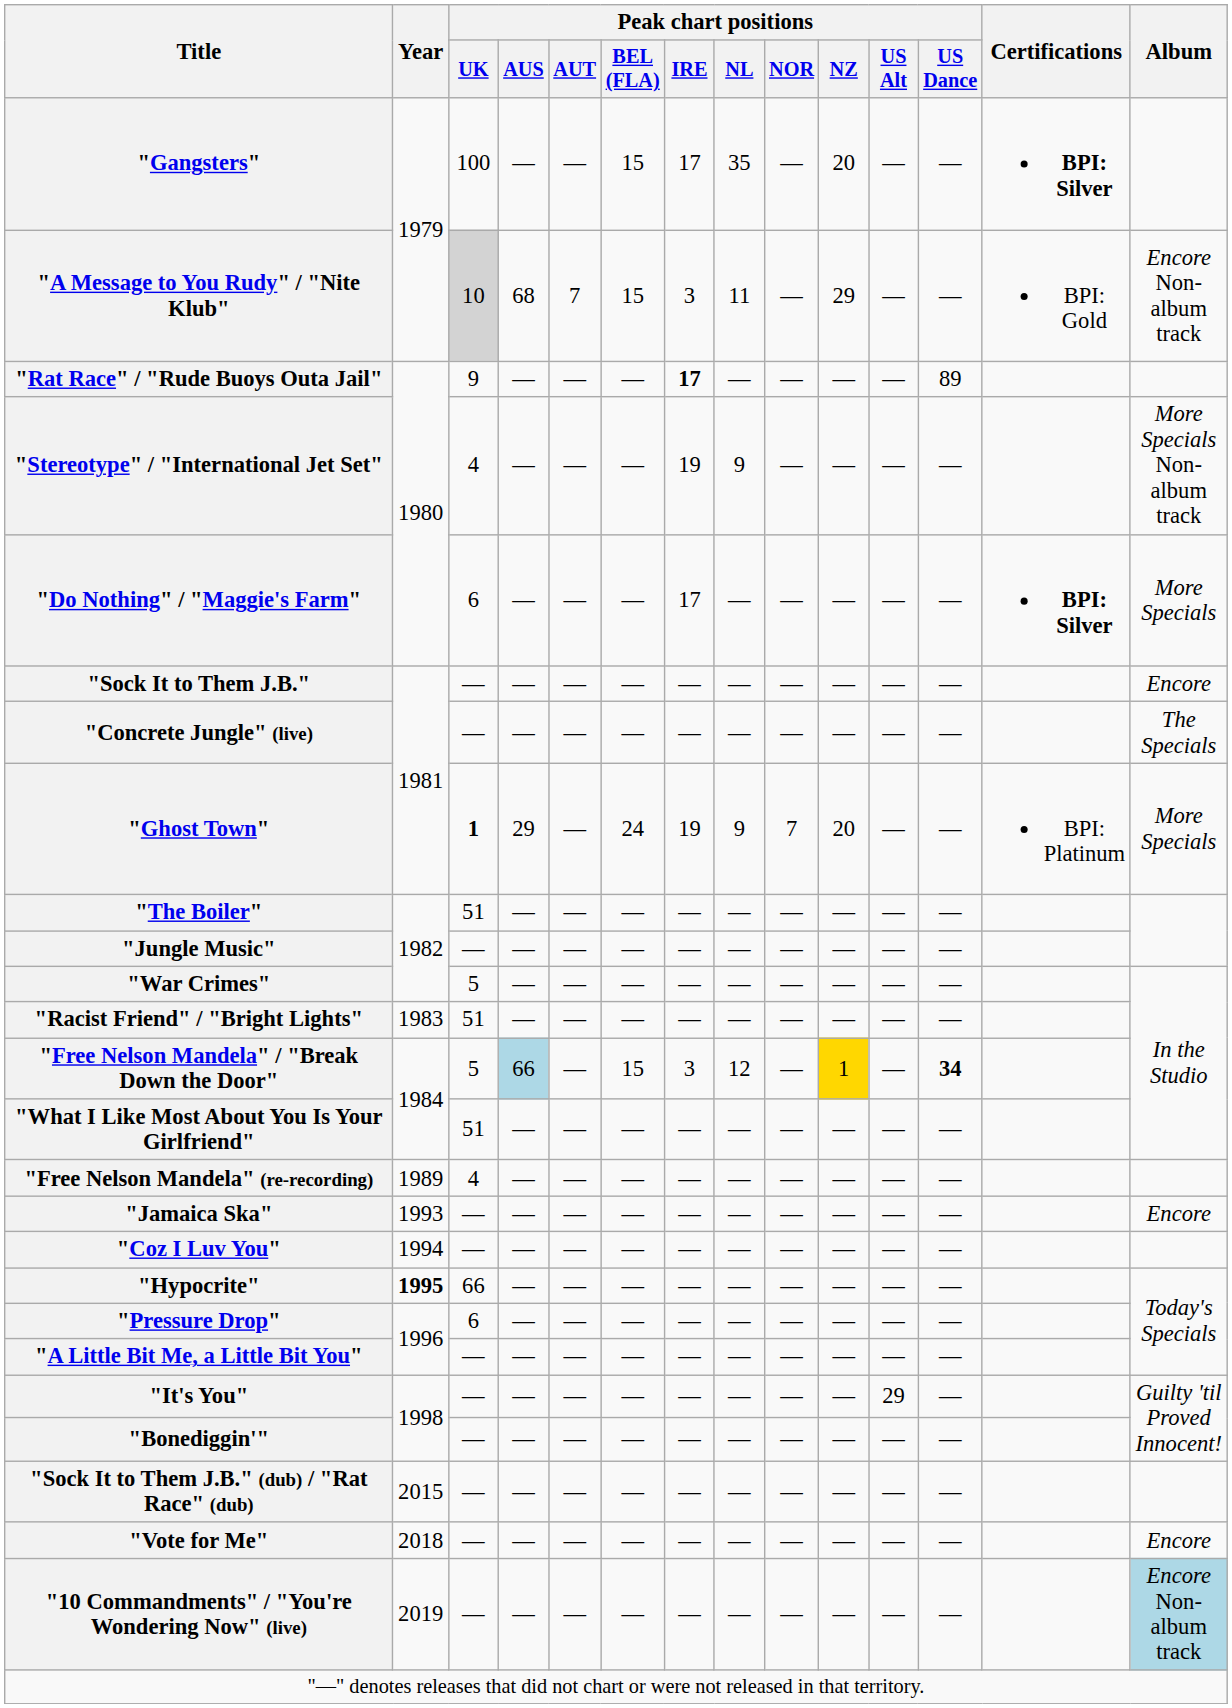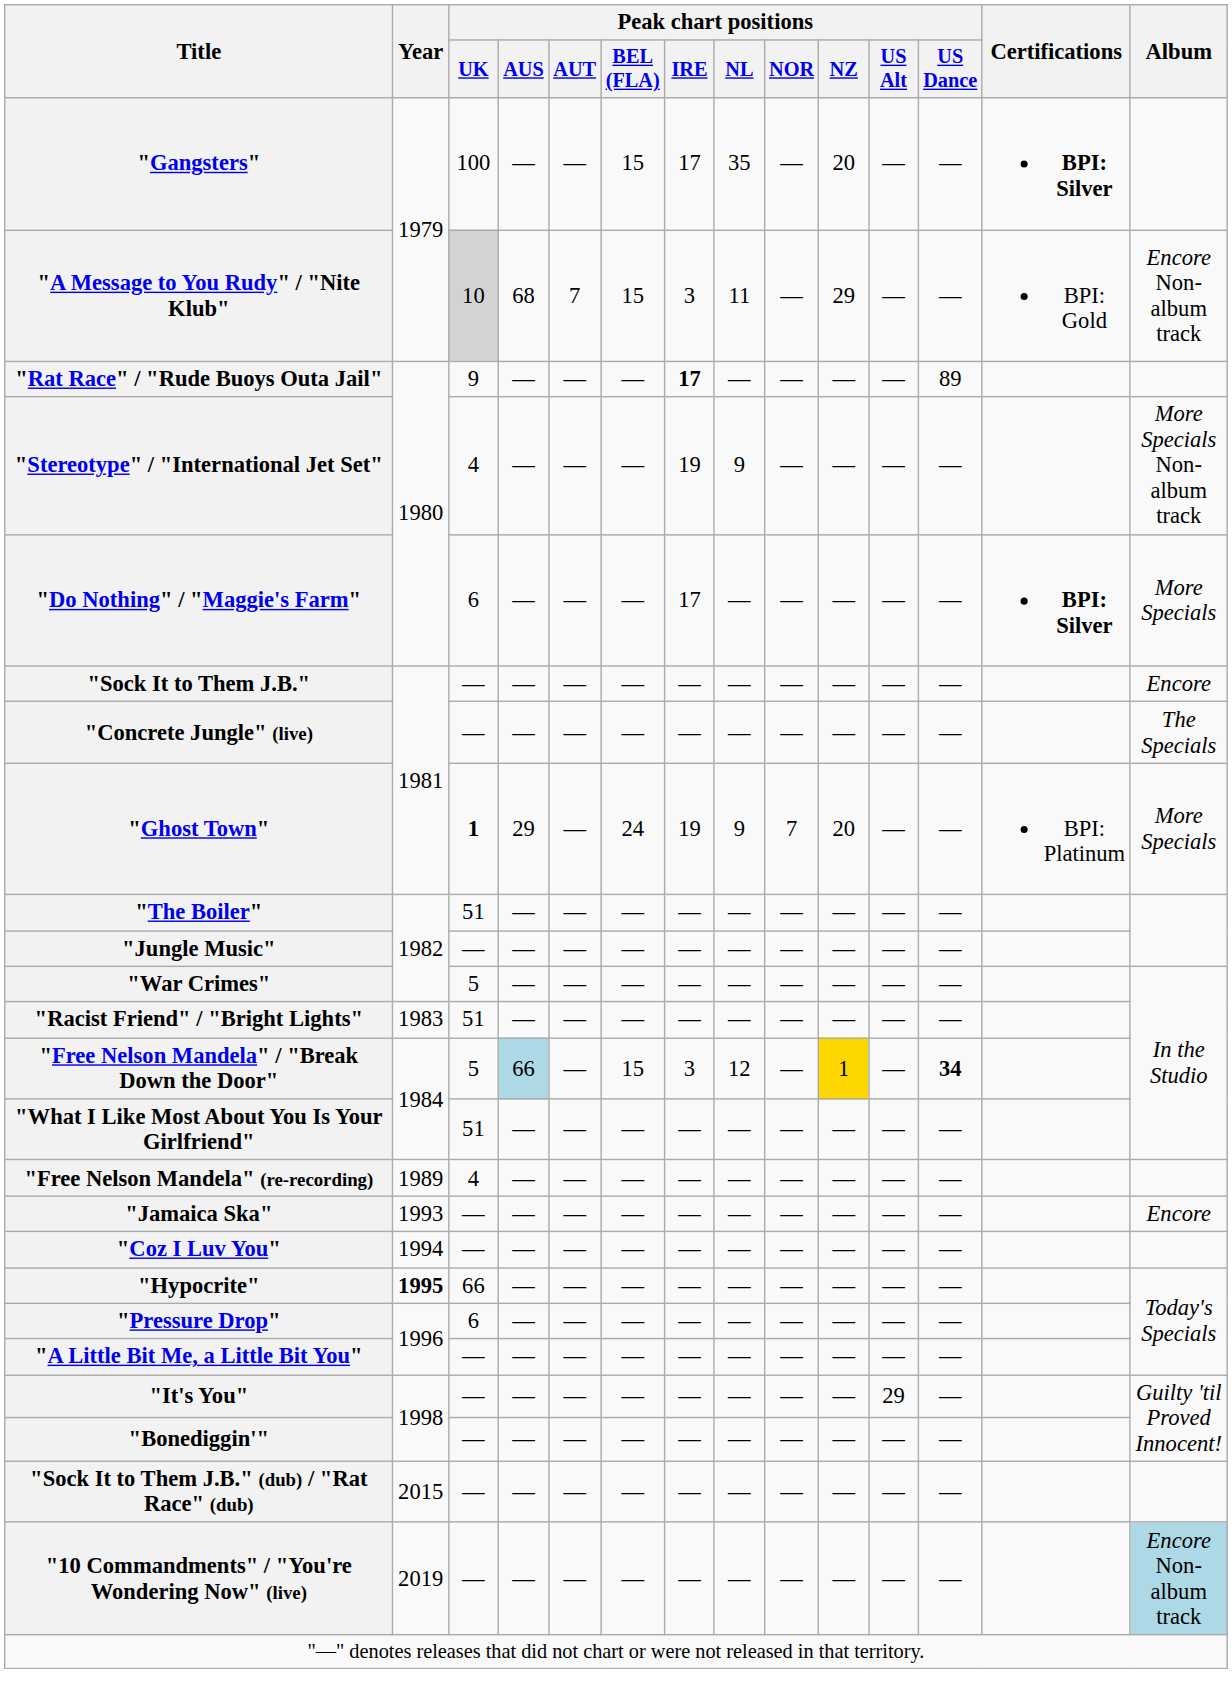 <table class="wikitable plainrowheaders" style="text-align:center;">
 <tr>
 <th rowspan="2" scope="col" style="width:17em;">Title</th>
 <th rowspan="2" scope="col" style="width:2em;">Year</th>
 <th colspan="10">Peak chart positions</th>
 <th rowspan="2">Certifications</th>
 <th rowspan="2">Album</th>
 </tr>
 <tr>
 <th scope="col" style="width:2em;font-size:90%;"><a href='#'>UK</a><br></th>
 <th scope="col" style="width:2em;font-size:90%;"><a href='#'>AUS</a><br></th>
 <th scope="col" style="width:2em;font-size:90%;"><a href='#'>AUT</a><br></th>
 <th scope="col" style="width:2em;font-size:90%;"><a href='#'>BEL (FLA)</a><br></th>
 <th scope="col" style="width:2em;font-size:90%;"><a href='#'>IRE</a><br></th>
 <th scope="col" style="width:2em;font-size:90%;"><a href='#'>NL</a><br></th>
 <th scope="col" style="width:2em;font-size:90%;"><a href='#'>NOR</a><br></th>
 <th scope="col" style="width:2em;font-size:90%;"><a href='#'>NZ</a><br></th>
 <th scope="col" style="width:2em;font-size:90%;"><a href='#'>US Alt</a><br></th>
 <th scope="col" style="width:2em;font-size:90%;"><a href='#'>US Dance</a><br></th>
 </tr>
 <tr>
 <th scope="row">"<a href='#'>Gangsters</a>" </th>
 <td rowspan="2">1979</td>
 <td>100</td>
 <td>—</td>
 <td>—</td>
 <td>15</td>
 <td>17</td>
 <td>35</td>
 <td>—</td>
 <td>20</td>
 <td>—</td>
 <td>—</td>
 <td><strong><br><ul><li>BPI: Silver</li></ul></strong></td>
 <td></td>
 </tr>
 <tr>
 <th scope="row">"<a href='#'>A Message to You Rudy</a>" / "Nite Klub" </th>
 <td style="background: lightgrey;">10</td>
 <td>68</td>
 <td>7</td>
 <td>15</td>
 <td>3</td>
 <td>11</td>
 <td>—</td>
 <td>29</td>
 <td>—</td>
 <td>—</td>
 <td><br><ul><li>BPI: Gold</li></ul></td>
 <td><em>Encore</em><br>Non-album track</td>
 </tr>
 <tr>
 <th scope="row">"<a href='#'>Rat Race</a>" / "Rude Buoys Outa Jail"</th>
 <td rowspan="3">1980</td>
 <td>9</td>
 <td>—</td>
 <td>—</td>
 <td>—</td>
 <td><strong>17</strong></td>
 <td>—</td>
 <td>—</td>
 <td>—</td>
 <td>—</td>
 <td>89</td>
 <td></td>
 <td></td>
 </tr>
 <tr>
 <th scope="row">"<a href='#'>Stereotype</a>" / "International Jet Set"</th>
 <td>4</td>
 <td>—</td>
 <td>—</td>
 <td>—</td>
 <td>19</td>
 <td>9</td>
 <td>—</td>
 <td>—</td>
 <td>—</td>
 <td>—</td>
 <td></td>
 <td><em>More Specials</em><br>Non-album track</td>
 </tr>
 <tr>
 <th scope="row">"<a href='#'>Do Nothing</a>" / "<a href='#'>Maggie's Farm</a>" </th>
 <td>6</td>
 <td>—</td>
 <td>—</td>
 <td>—</td>
 <td>17</td>
 <td>—</td>
 <td>—</td>
 <td>—</td>
 <td>—</td>
 <td>—</td>
 <td><strong><br><ul><li>BPI: Silver</li></ul></strong></td>
 <td><em>More Specials</em></td>
 </tr>
 <tr>
 <th scope="row">"Sock It to Them J.B." </th>
 <td rowspan="3">1981</td>
 <td>—</td>
 <td>—</td>
 <td>—</td>
 <td>—</td>
 <td>—</td>
 <td>—</td>
 <td>—</td>
 <td>—</td>
 <td>—</td>
 <td>—</td>
 <td></td>
 <td><em>Encore</em></td>
 </tr>
 <tr>
 <th scope="row">"Concrete Jungle" <small>(live)</small> </th>
 <td>—</td>
 <td>—</td>
 <td>—</td>
 <td>—</td>
 <td>—</td>
 <td>—</td>
 <td>—</td>
 <td>—</td>
 <td>—</td>
 <td>—</td>
 <td></td>
 <td><em>The Specials</em></td>
 </tr>
 <tr>
 <th scope="row">"<a href='#'>Ghost Town</a>"</th>
 <td><strong>1</strong></td>
 <td>29</td>
 <td>—</td>
 <td>24</td>
 <td>19</td>
 <td>9</td>
 <td>7</td>
 <td>20</td>
 <td>—</td>
 <td>—</td>
 <td><br><ul><li>BPI: Platinum</li></ul></td>
 <td><em>More Specials</em></td>
 </tr>
 <tr>
 <th scope="row">"<a href='#'>The Boiler</a>" </th>
 <td rowspan="3">1982</td>
 <td>51</td>
 <td>—</td>
 <td>—</td>
 <td>—</td>
 <td>—</td>
 <td>—</td>
 <td>—</td>
 <td>—</td>
 <td>—</td>
 <td>—</td>
 <td></td>
 </tr>
 <tr>
 <th scope="row">"Jungle Music" </th>
 <td>—</td>
 <td>—</td>
 <td>—</td>
 <td>—</td>
 <td>—</td>
 <td>—</td>
 <td>—</td>
 <td>—</td>
 <td>—</td>
 <td>—</td>
 <td></td>
 </tr>
 <tr>
 <th scope="row">"War Crimes" </th>
 <td>5</td>
 <td>—</td>
 <td>—</td>
 <td>—</td>
 <td>—</td>
 <td>—</td>
 <td>—</td>
 <td>—</td>
 <td>—</td>
 <td>—</td>
 <td></td>
 <td rowspan="4"><em>In the Studio</em></td>
 </tr>
 <tr>
 <th scope="row">"Racist Friend" / "Bright Lights" </th>
 <td>1983</td>
 <td>51</td>
 <td>—</td>
 <td>—</td>
 <td>—</td>
 <td>—</td>
 <td>—</td>
 <td>—</td>
 <td>—</td>
 <td>—</td>
 <td>—</td>
 <td></td>
 </tr>
 <tr>
 <th scope="row">"<a href='#'>Free Nelson Mandela</a>" / "Break Down the Door" </th>
 <td rowspan="2">1984</td>
 <td>5</td>
 <td style="background: lightblue;">66</td>
 <td>—</td>
 <td>15</td>
 <td>3</td>
 <td>12</td>
 <td>—</td>
 <td style="background: gold;">1</td>
 <td>—</td>
 <td><strong>34</strong></td>
 <td></td>
 </tr>
 <tr>
 <th scope="row">"What I Like Most About You Is Your Girlfriend" </th>
 <td>51</td>
 <td>—</td>
 <td>—</td>
 <td>—</td>
 <td>—</td>
 <td>—</td>
 <td>—</td>
 <td>—</td>
 <td>—</td>
 <td>—</td>
 <td></td>
 </tr>
 <tr>
 <th scope="row">"Free Nelson Mandela" <small>(re-recording)</small> </th>
 <td>1989</td>
 <td>4</td>
 <td>—</td>
 <td>—</td>
 <td>—</td>
 <td>—</td>
 <td>—</td>
 <td>—</td>
 <td>—</td>
 <td>—</td>
 <td>—</td>
 <td></td>
 <td></td>
 </tr>
 <tr>
 <th scope="row">"Jamaica Ska" </th>
 <td>1993</td>
 <td>—</td>
 <td>—</td>
 <td>—</td>
 <td>—</td>
 <td>—</td>
 <td>—</td>
 <td>—</td>
 <td>—</td>
 <td>—</td>
 <td>—</td>
 <td></td>
 <td><em>Encore</em></td>
 </tr>
 <tr>
 <th scope="row">"<a href='#'>Coz I Luv You</a>" </th>
 <td>1994</td>
 <td>—</td>
 <td>—</td>
 <td>—</td>
 <td>—</td>
 <td>—</td>
 <td>—</td>
 <td>—</td>
 <td>—</td>
 <td>—</td>
 <td>—</td>
 <td></td>
 <td></td>
 </tr>
 <tr>
 <th scope="row">"Hypocrite" </th>
 <td><strong>1995</strong></td>
 <td>66</td>
 <td>—</td>
 <td>—</td>
 <td>—</td>
 <td>—</td>
 <td>—</td>
 <td>—</td>
 <td>—</td>
 <td>—</td>
 <td>—</td>
 <td></td>
 <td rowspan="3"><em>Today's Specials</em></td>
 </tr>
 <tr>
 <th scope="row">"<a href='#'>Pressure Drop</a>" </th>
 <td rowspan="2">1996</td>
 <td>6</td>
 <td>—</td>
 <td>—</td>
 <td>—</td>
 <td>—</td>
 <td>—</td>
 <td>—</td>
 <td>—</td>
 <td>—</td>
 <td>—</td>
 <td></td>
 </tr>
 <tr>
 <th scope="row">"<a href='#'>A Little Bit Me, a Little Bit You</a>" </th>
 <td>—</td>
 <td>—</td>
 <td>—</td>
 <td>—</td>
 <td>—</td>
 <td>—</td>
 <td>—</td>
 <td>—</td>
 <td>—</td>
 <td>—</td>
 <td></td>
 </tr>
 <tr>
 <th scope="row">"It's You"</th>
 <td rowspan="2">1998</td>
 <td>—</td>
 <td>—</td>
 <td>—</td>
 <td>—</td>
 <td>—</td>
 <td>—</td>
 <td>—</td>
 <td>—</td>
 <td>29</td>
 <td>—</td>
 <td></td>
 <td rowspan="2"><em>Guilty 'til Proved Innocent!</em></td>
 </tr>
 <tr>
 <th scope="row">"Bonediggin'" </th>
 <td>—</td>
 <td>—</td>
 <td>—</td>
 <td>—</td>
 <td>—</td>
 <td>—</td>
 <td>—</td>
 <td>—</td>
 <td>—</td>
 <td>—</td>
 <td></td>
 </tr>
 <tr>
 <th scope="row">"Sock It to Them J.B." <small>(dub)</small> / "Rat Race" <small>(dub)</small> </th>
 <td>2015</td>
 <td>—</td>
 <td>—</td>
 <td>—</td>
 <td>—</td>
 <td>—</td>
 <td>—</td>
 <td>—</td>
 <td>—</td>
 <td>—</td>
 <td>—</td>
 <td></td>
 <td></td>
 </tr>
 <tr>
-<th scope="row">"Vote for Me"</th>
-<td>2018</td>
-<td>—</td>
-<td>—</td>
-<td>—</td>
-<td>—</td>
-<td>—</td>
-<td>—</td>
-<td>—</td>
-<td>—</td>
-<td>—</td>
-<td>—</td>
-<td></td>
-<td><em>Encore</em></td>
-</tr>
-<tr>
 <th scope="row">"10 Commandments" / "You're Wondering Now" <small>(live)</small> </th>
 <td>2019</td>
 <td>—</td>
 <td>—</td>
 <td>—</td>
 <td>—</td>
 <td>—</td>
 <td>—</td>
 <td>—</td>
 <td>—</td>
 <td>—</td>
 <td>—</td>
 <td></td>
 <td style="background: lightblue;"><em>Encore</em><br>Non-album track</td>
 </tr>
 <tr>
 <td colspan="14" style="font-size:90%">"—" denotes releases that did not chart or were not released in that territory.</td>
 </tr>
 </table>
